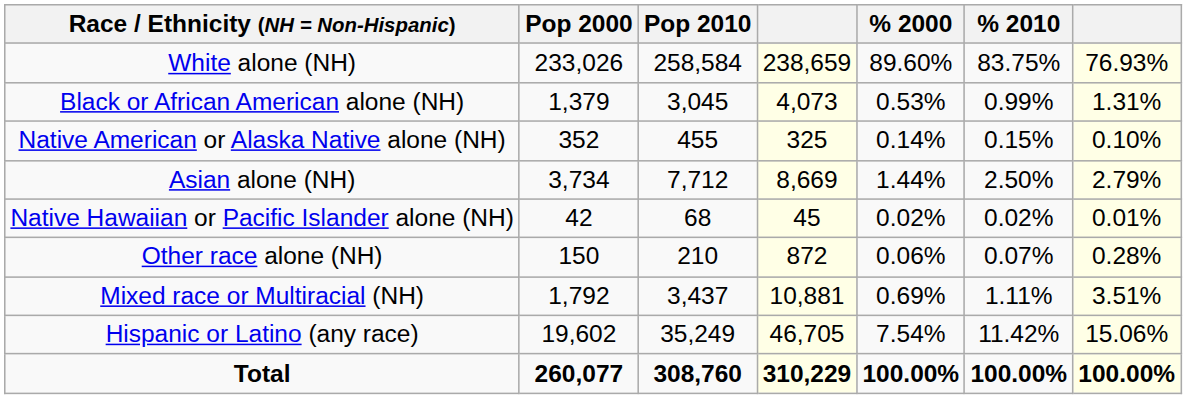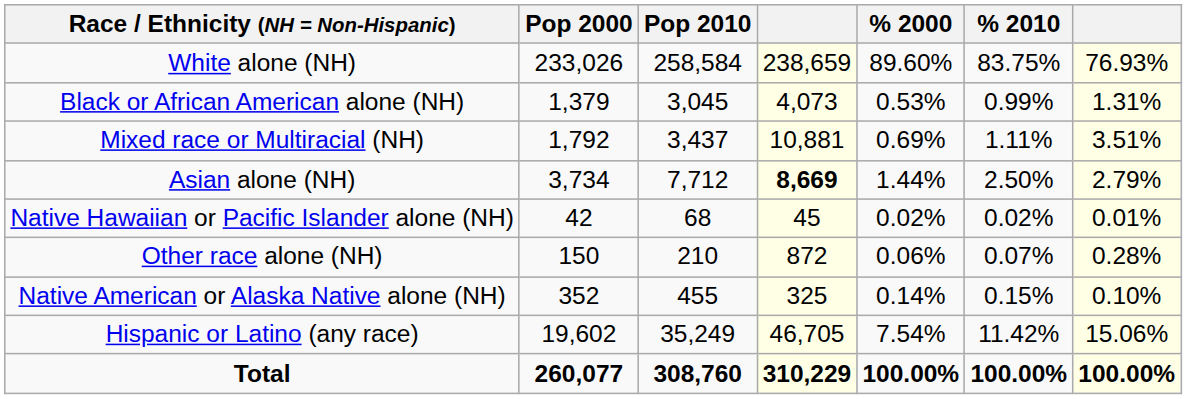 <table class="wikitable"  style="text-align:center;">
 <tr>
 <th>Race / Ethnicity <small>(<em>NH = Non-Hispanic</em>)</small></th>
 <th>Pop 2000</th>
 <th>Pop 2010</th>
 <th></th>
 <th>% 2000</th>
 <th>% 2010</th>
 <th></th>
 </tr>
 <tr>
 <td><a href='#'>White</a> alone (NH)</td>
 <td>233,026</td>
 <td>258,584</td>
 <td style='background: #ffffe6;'>238,659</td>
 <td>89.60%</td>
 <td>83.75%</td>
 <td style='background: #ffffe6;'>76.93%</td>
 </tr>
 <tr>
 <td><a href='#'>Black or African American</a> alone (NH)</td>
 <td>1,379</td>
 <td>3,045</td>
 <td style='background: #ffffe6;'>4,073</td>
 <td>0.53%</td>
 <td>0.99%</td>
 <td style='background: #ffffe6;'>1.31%</td>
 </tr>
 <tr>
-<td><a href='#'>Native American</a> or <a href='#'>Alaska Native</a> alone (NH)</td>
-<td>352</td>
-<td>455</td>
-<td style='background: #ffffe6;'>325</td>
-<td>0.14%</td>
-<td>0.15%</td>
-<td style='background: #ffffe6;'>0.10%</td>
+<td><a href='#'>Mixed race or Multiracial</a> (NH)</td>
+<td>1,792</td>
+<td>3,437</td>
+<td style='background: #ffffe6;'>10,881</td>
+<td>0.69%</td>
+<td>1.11%</td>
+<td style='background: #ffffe6;'>3.51%</td>
 </tr>
 <tr>
 <td><a href='#'>Asian</a> alone (NH)</td>
 <td>3,734</td>
 <td>7,712</td>
-<td style='background: #ffffe6;'>8,669</td>
+<td style='background: #ffffe6;'><strong>8,669</strong></td>
 <td>1.44%</td>
 <td>2.50%</td>
 <td style='background: #ffffe6;'>2.79%</td>
 </tr>
 <tr>
 <td><a href='#'>Native Hawaiian</a> or <a href='#'>Pacific Islander</a> alone (NH)</td>
 <td>42</td>
 <td>68</td>
 <td style='background: #ffffe6;'>45</td>
 <td>0.02%</td>
 <td>0.02%</td>
 <td style='background: #ffffe6;'>0.01%</td>
 </tr>
 <tr>
 <td><a href='#'>Other race</a> alone (NH)</td>
 <td>150</td>
 <td>210</td>
 <td style='background: #ffffe6;'>872</td>
 <td>0.06%</td>
 <td>0.07%</td>
 <td style='background: #ffffe6;'>0.28%</td>
 </tr>
 <tr>
-<td><a href='#'>Mixed race or Multiracial</a> (NH)</td>
-<td>1,792</td>
-<td>3,437</td>
-<td style='background: #ffffe6;'>10,881</td>
-<td>0.69%</td>
-<td>1.11%</td>
-<td style='background: #ffffe6;'>3.51%</td>
+<td><a href='#'>Native American</a> or <a href='#'>Alaska Native</a> alone (NH)</td>
+<td>352</td>
+<td>455</td>
+<td style='background: #ffffe6;'>325</td>
+<td>0.14%</td>
+<td>0.15%</td>
+<td style='background: #ffffe6;'>0.10%</td>
 </tr>
 <tr>
 <td><a href='#'>Hispanic or Latino</a> (any race)</td>
 <td>19,602</td>
 <td>35,249</td>
 <td style='background: #ffffe6;'>46,705</td>
 <td>7.54%</td>
 <td>11.42%</td>
 <td style='background: #ffffe6;'>15.06%</td>
 </tr>
 <tr>
 <td><strong>Total</strong></td>
 <td><strong>260,077</strong></td>
 <td><strong>308,760</strong></td>
 <td style='background: #ffffe6;'><strong>310,229</strong></td>
 <td><strong>100.00%</strong></td>
 <td><strong>100.00%</strong></td>
 <td style='background: #ffffe6;'><strong>100.00%</strong></td>
 </tr>
 </table>
